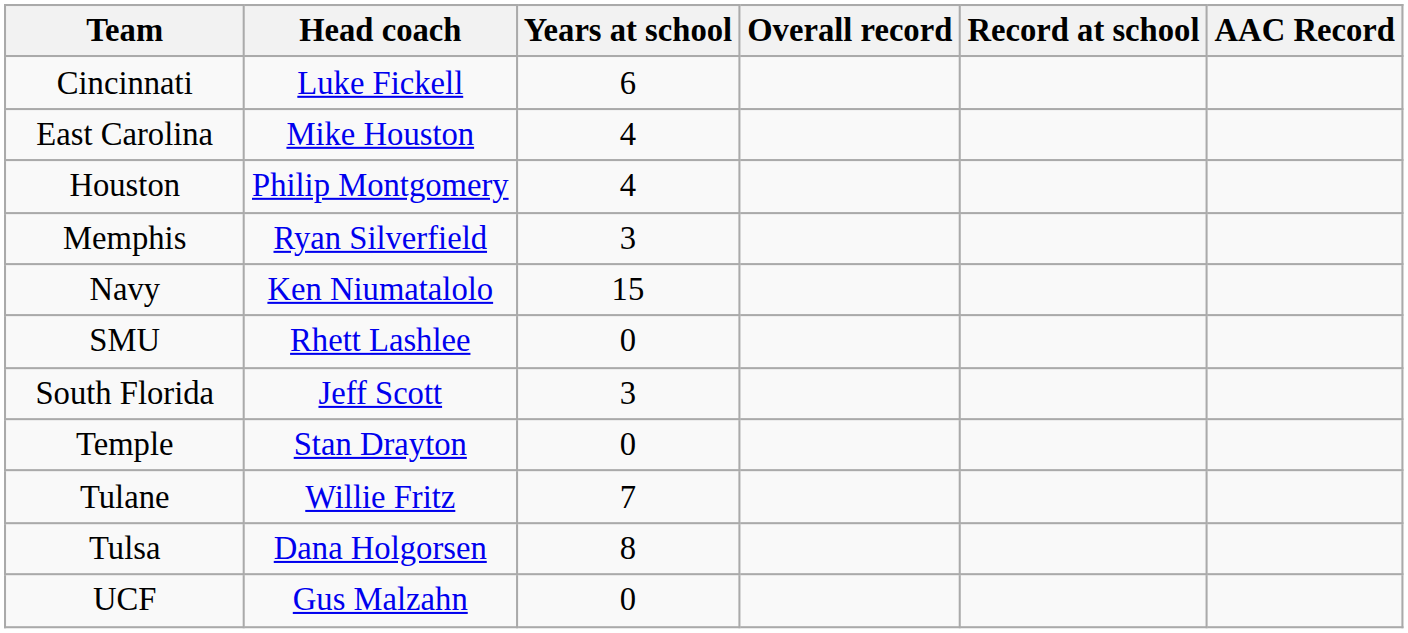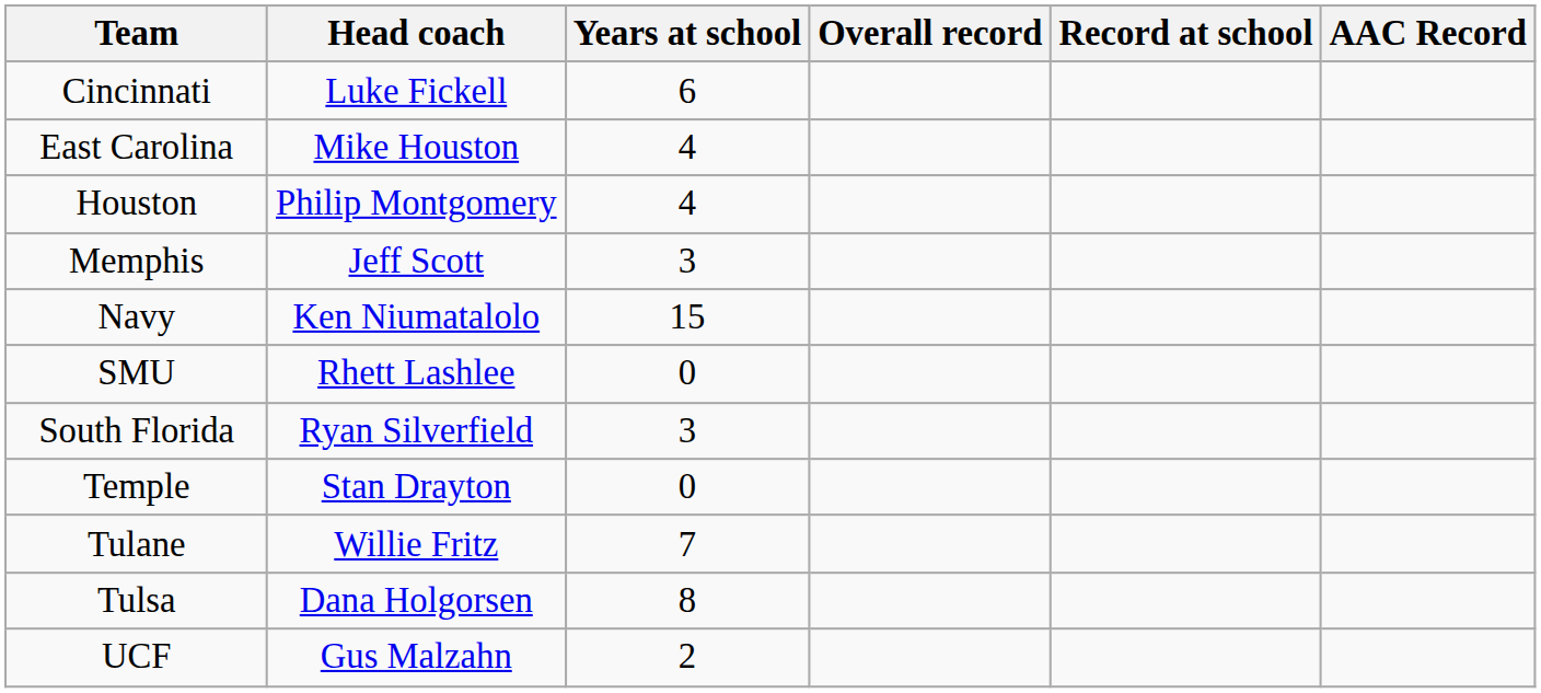 <table class="wikitable sortable" style="text-align: center;">
 <tr>
 <th width="110">Team</th>
 <th>Head coach</th>
 <th>Years at school</th>
 <th>Overall record</th>
 <th>Record at school</th>
 <th>AAC Record</th>
 </tr>
 <tr>
 <td>Cincinnati</td>
 <td><a href='#'>Luke Fickell</a></td>
 <td>6</td>
 <td data-sort-value=></td>
 <td data-sort-value=></td>
 <td data-sort-value=></td>
 </tr>
 <tr>
 <td>East Carolina</td>
 <td><a href='#'>Mike Houston</a></td>
 <td>4</td>
 <td data-sort-value=></td>
 <td data-sort-value=></td>
 <td data-sort-value=></td>
 </tr>
 <tr>
 <td>Houston</td>
 <td><a href='#'>Philip Montgomery</a></td>
 <td>4</td>
 <td data-sort-value=></td>
 <td data-sort-value=></td>
 <td data-sort-value=></td>
 </tr>
 <tr>
 <td>Memphis</td>
-<td><a href='#'>Ryan Silverfield</a></td>
+<td><a href='#'>Jeff Scott</a></td>
 <td>3</td>
 <td data-sort-value=></td>
 <td data-sort-value=></td>
 <td data-sort-value=></td>
 </tr>
 <tr>
 <td>Navy</td>
 <td><a href='#'>Ken Niumatalolo</a></td>
 <td>15</td>
 <td data-sort-value=></td>
 <td data-sort-value=></td>
 <td data-sort-value=></td>
 </tr>
 <tr>
 <td>SMU</td>
 <td><a href='#'>Rhett Lashlee</a></td>
 <td>0</td>
 <td data-sort-value=></td>
 <td data-sort-value=></td>
 <td data-sort-value=></td>
 </tr>
 <tr>
 <td>South Florida</td>
-<td><a href='#'>Jeff Scott</a></td>
+<td><a href='#'>Ryan Silverfield</a></td>
 <td>3</td>
 <td data-sort-value=></td>
 <td data-sort-value=></td>
 <td data-sort-value=></td>
 </tr>
 <tr>
 <td>Temple</td>
 <td><a href='#'>Stan Drayton</a></td>
 <td>0</td>
 <td data-sort-value=></td>
 <td data-sort-value=></td>
 <td data-sort-value=></td>
 </tr>
 <tr>
 <td>Tulane</td>
 <td><a href='#'>Willie Fritz</a></td>
 <td>7</td>
 <td data-sort-value=></td>
 <td data-sort-value=></td>
 <td data-sort-value=></td>
 </tr>
 <tr>
 <td>Tulsa</td>
 <td><a href='#'>Dana Holgorsen</a></td>
 <td>8</td>
 <td data-sort-value=></td>
 <td data-sort-value=></td>
 <td data-sort-value=></td>
 </tr>
 <tr>
 <td>UCF</td>
 <td><a href='#'>Gus Malzahn</a></td>
-<td>0</td>
+<td>2</td>
 <td data-sort-value=></td>
 <td data-sort-value=></td>
 <td data-sort-value=></td>
 </tr>
 </table>
